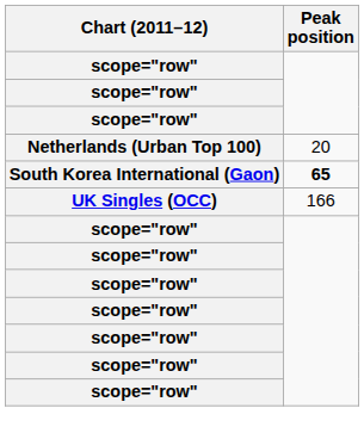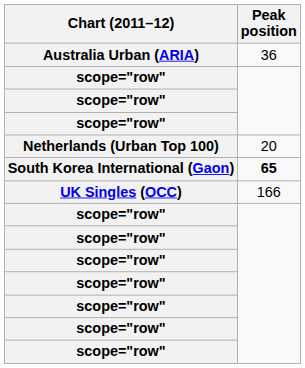 <table class="wikitable plainrowheaders sortable" style="text-align:center">
 <tr>
 <th scope="col">Chart (2011–12)</th>
 <th>Peak<br>position</th>
+</tr>
+<tr>
+<th scope="row">Australia Urban (<a href='#'>ARIA</a>)</th>
+<td style="text-align:center;">36</td>
 </tr>
 <tr>
 <th>scope="row"</th>
 </tr>
 <tr>
 <th>scope="row"</th>
 </tr>
 <tr>
 <th>scope="row" </th>
 </tr>
 <tr>
 <th scope="row">Netherlands (Urban Top 100)</th>
 <td align="center">20</td>
 </tr>
 <tr>
 <th scope="row">South Korea International (<a href='#'>Gaon</a>)</th>
 <td style="text-align:center;"><strong>65</strong></td>
 </tr>
 <tr>
 <th scope="row"><a href='#'>UK Singles</a> (<a href='#'>OCC</a>)</th>
 <td style="text-align:center;">166</td>
 </tr>
 <tr>
 <th>scope="row"</th>
 </tr>
 <tr>
 <th>scope="row"</th>
 </tr>
 <tr>
 <th>scope="row"</th>
 </tr>
 <tr>
 <th>scope="row"</th>
 </tr>
 <tr>
 <th>scope="row"</th>
 </tr>
 <tr>
 <th>scope="row"</th>
 </tr>
 <tr>
 <th>scope="row"</th>
 </tr>
 </table>
